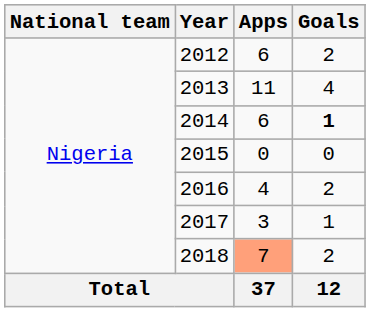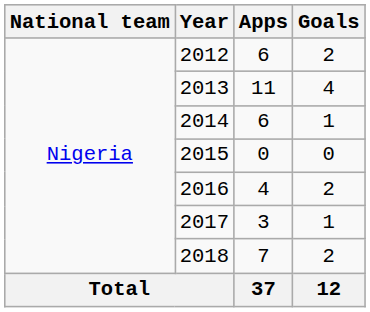 <table class="wikitable" style="text-align:center">
 <tr>
 <th>National team</th>
 <th>Year</th>
 <th>Apps</th>
 <th>Goals</th>
 </tr>
 <tr>
 <td rowspan="7"><a href='#'>Nigeria</a></td>
 <td>2012</td>
 <td>6</td>
 <td>2</td>
 </tr>
 <tr>
 <td>2013</td>
 <td>11</td>
 <td>4</td>
 </tr>
 <tr>
 <td>2014</td>
 <td>6</td>
-<td><strong>1</strong></td>
+<td>1</td>
 </tr>
 <tr>
 <td>2015</td>
 <td>0</td>
 <td>0</td>
 </tr>
 <tr>
 <td>2016</td>
 <td>4</td>
 <td>2</td>
 </tr>
 <tr>
 <td>2017</td>
 <td>3</td>
 <td>1</td>
 </tr>
 <tr>
 <td>2018</td>
-<td style="background: lightsalmon;">7</td>
+<td>7</td>
 <td>2</td>
 </tr>
 <tr>
 <th colspan="2">Total</th>
 <th>37</th>
 <th>12</th>
 </tr>
 </table>
